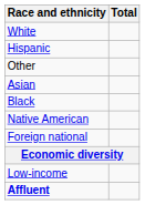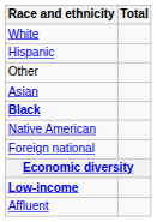 <table class="wikitable floatright sortable collapsible"; text-align:right; font-size:80%;">
 <tr>
 <th>Race and ethnicity</th>
 <th colspan="2" data-sort-type=number>Total</th>
 </tr>
 <tr>
 <td><a href='#'>White</a></td>
 <td align=right></td>
 </tr>
 <tr>
 <td><a href='#'>Hispanic</a></td>
 <td align=right></td>
 </tr>
 <tr>
 <td>Other</td>
 <td align=right></td>
 </tr>
 <tr>
 <td><a href='#'>Asian</a></td>
 <td align=right></td>
 </tr>
 <tr>
-<td><a href='#'>Black</a></td>
+<td><strong><a href='#'>Black</a></strong></td>
 <td align=right></td>
 </tr>
 <tr>
 <td><a href='#'>Native American</a></td>
 <td align=right></td>
 </tr>
 <tr>
 <td><a href='#'>Foreign national</a></td>
 <td align=right></td>
 </tr>
 <tr>
 <th colspan="4" data-sort-type=number><a href='#'>Economic diversity</a></th>
 </tr>
 <tr>
-<td><a href='#'>Low-income</a></td>
+<td><strong><a href='#'>Low-income</a></strong></td>
 <td align=right></td>
 </tr>
 <tr>
-<td><strong><a href='#'>Affluent</a></strong></td>
+<td><a href='#'>Affluent</a></td>
 <td align=right></td>
 </tr>
 </table>
